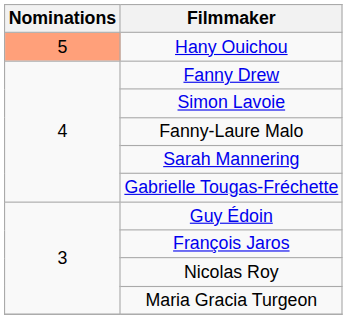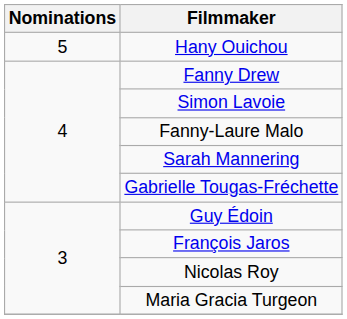 <table class="wikitable" style="text-align:center;">
 <tr>
 <th scope="col" width="17">Nominations</th>
 <th scope="col" align="center">Filmmaker</th>
 </tr>
 <tr>
-<td rowspan="1" style="background: lightsalmon; text-align:center;">5</td>
+<td rowspan="1" style="text-align:center;">5</td>
 <td><a href='#'>Hany Ouichou</a></td>
 </tr>
 <tr>
 <td rowspan="5" style="text-align:center;">4</td>
 <td><a href='#'>Fanny Drew</a></td>
 </tr>
 <tr>
 <td><a href='#'>Simon Lavoie</a></td>
 </tr>
 <tr>
 <td>Fanny-Laure Malo</td>
 </tr>
 <tr>
 <td><a href='#'>Sarah Mannering</a></td>
 </tr>
 <tr>
 <td><a href='#'>Gabrielle Tougas-Fréchette</a></td>
 </tr>
 <tr>
 <td rowspan="4" style="text-align:center;">3</td>
 <td><a href='#'>Guy Édoin</a></td>
 </tr>
 <tr>
 <td><a href='#'>François Jaros</a></td>
 </tr>
 <tr>
 <td>Nicolas Roy</td>
 </tr>
 <tr>
 <td>Maria Gracia Turgeon</td>
 </tr>
 <tr>
 </tr>
 </table>
